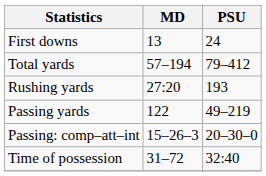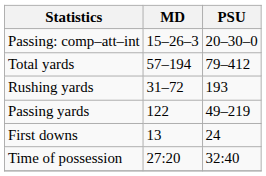 <table class="wikitable" style="float: left;">
 <tr>
 <th>Statistics</th>
 <th>MD</th>
 <th>PSU</th>
 </tr>
 <tr>
-<td>First downs</td>
-<td>13</td>
-<td>24</td>
+<td>Passing: comp–att–int</td>
+<td>15–26–3</td>
+<td>20–30–0</td>
 </tr>
 <tr>
 <td>Total yards</td>
 <td>57–194</td>
 <td>79–412</td>
 </tr>
 <tr>
 <td>Rushing yards</td>
-<td>27:20</td>
+<td>31–72</td>
 <td>193</td>
 </tr>
 <tr>
 <td>Passing yards</td>
 <td>122</td>
 <td>49–219</td>
 </tr>
 <tr>
-<td>Passing: comp–att–int</td>
-<td>15–26–3</td>
-<td>20–30–0</td>
+<td>First downs</td>
+<td>13</td>
+<td>24</td>
 </tr>
 <tr>
 <td>Time of possession</td>
-<td>31–72</td>
+<td>27:20</td>
 <td>32:40</td>
 </tr>
 <tr>
 </tr>
 </table>
